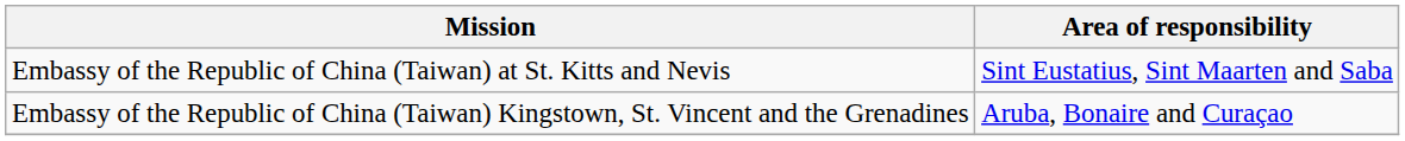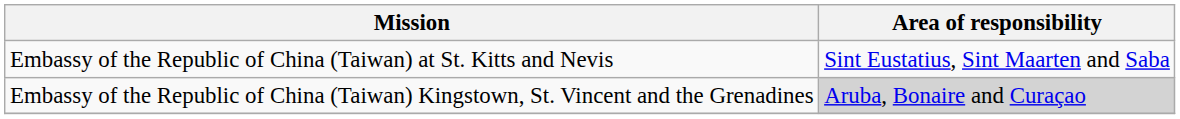 <table class=wikitable>
 <tr>
 <th>Mission</th>
 <th>Area of responsibility</th>
 </tr>
 <tr>
 <td>Embassy of the Republic of China (Taiwan) at St. Kitts and Nevis</td>
 <td><a href='#'>Sint Eustatius</a>, <a href='#'>Sint Maarten</a> and <a href='#'>Saba</a></td>
 </tr>
 <tr>
 <td>Embassy of the Republic of China (Taiwan) Kingstown, St. Vincent and the Grenadines</td>
-<td><a href='#'>Aruba</a>, <a href='#'>Bonaire</a> and <a href='#'>Curaçao</a></td>
+<td style="background: lightgrey;"><a href='#'>Aruba</a>, <a href='#'>Bonaire</a> and <a href='#'>Curaçao</a></td>
 </tr>
 <tr>
 </tr>
 </table>
